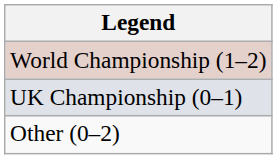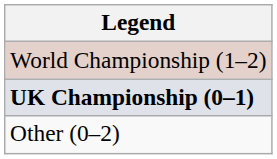 <table class="wikitable">
 <tr>
 <th>Legend</th>
 </tr>
 <tr bgcolor="#e5d1cb">
 <td>World Championship (1–2)</td>
 </tr>
 <tr bgcolor="dfe2e9">
-<td>UK Championship (0–1)</td>
+<td><strong>UK Championship (0–1)</strong></td>
 </tr>
 <tr bgcolor=>
 <td>Other (0–2)</td>
 </tr>
 </table>
